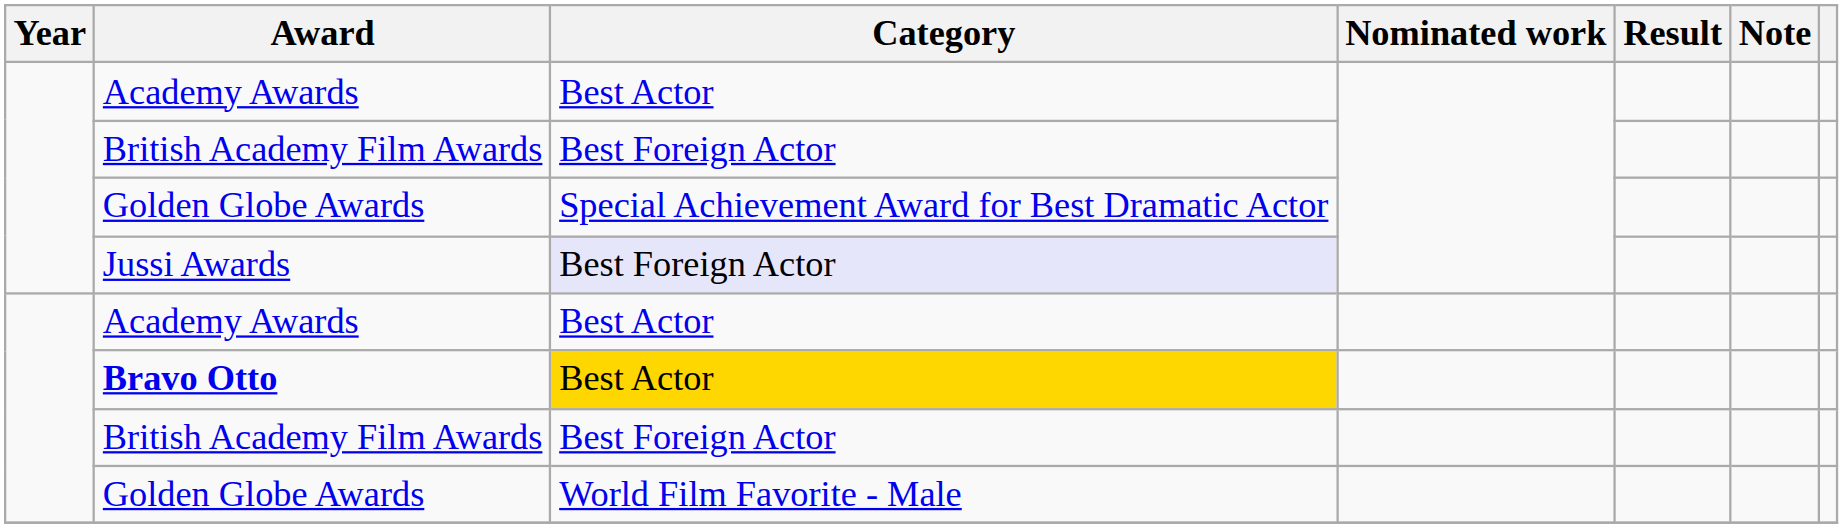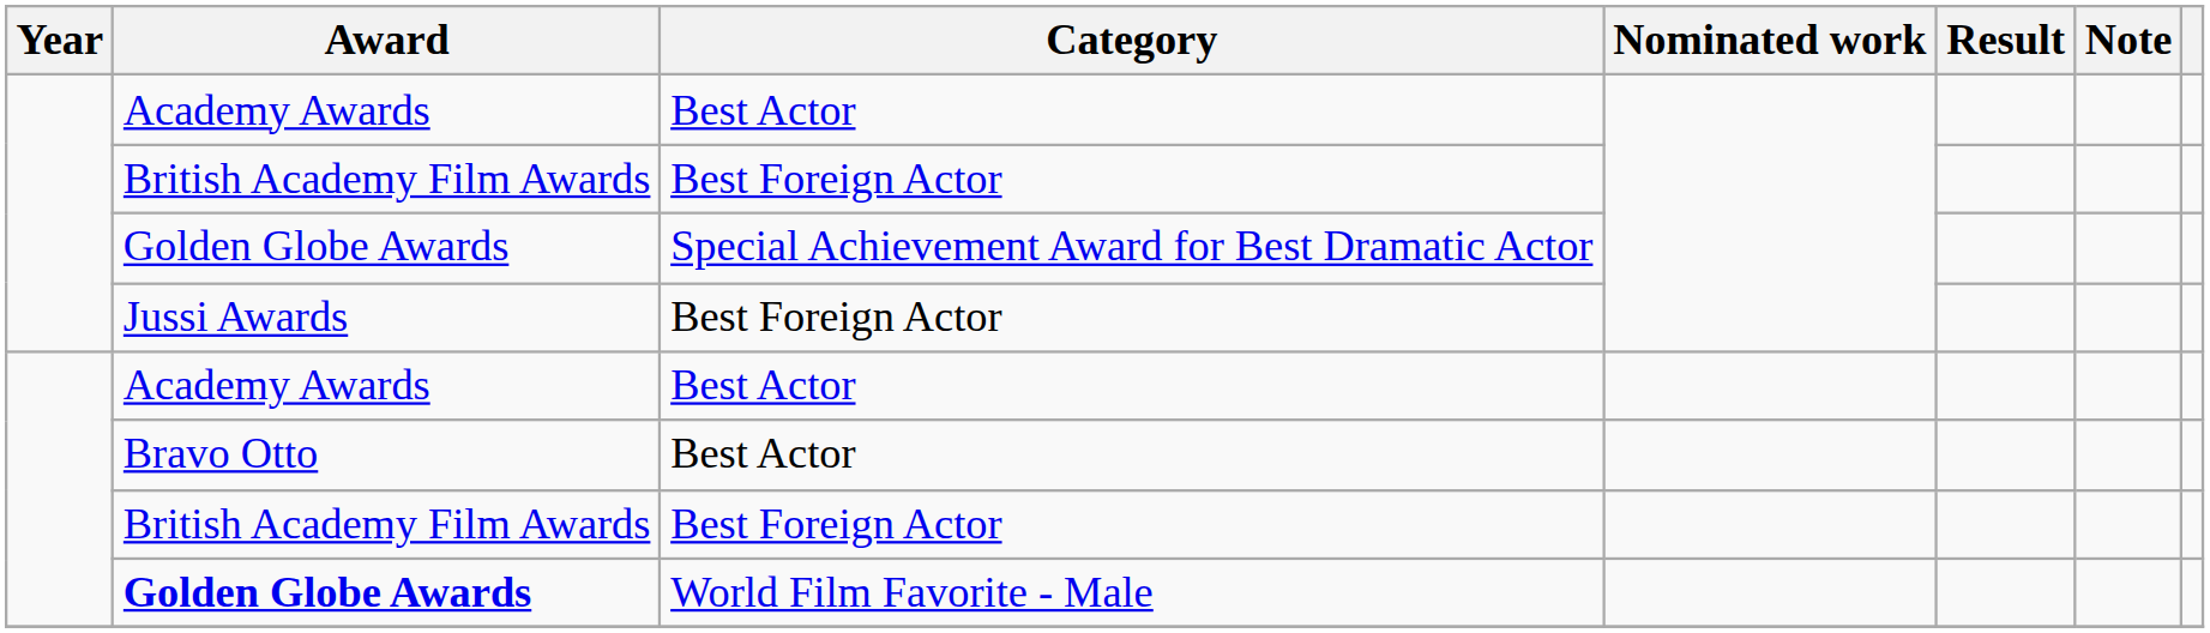 <table class="wikitable sortable plainrowheaders">
 <tr>
 <th scope="col">Year</th>
 <th scope="col">Award</th>
 <th scope="col">Category</th>
 <th scope="col">Nominated work</th>
 <th scope="col">Result</th>
 <th scope="col">Note</th>
 <th scope="col" class="unsortable"></th>
 </tr>
 <tr>
 <td rowspan="4"></td>
 <td><a href='#'>Academy Awards</a></td>
 <td><a href='#'>Best Actor</a></td>
 <td rowspan="4"></td>
 <td></td>
 <td></td>
 <td align="center"></td>
 </tr>
 <tr>
 <td><a href='#'>British Academy Film Awards</a></td>
 <td><a href='#'>Best Foreign Actor</a></td>
 <td></td>
 <td></td>
 <td align="center"></td>
 </tr>
 <tr>
 <td><a href='#'>Golden Globe Awards</a></td>
 <td><a href='#'>Special Achievement Award for Best Dramatic Actor</a></td>
 <td></td>
 <td></td>
 <td align="center"></td>
 </tr>
 <tr>
 <td><a href='#'>Jussi Awards</a></td>
-<td style="background: lavender;">Best Foreign Actor</td>
+<td>Best Foreign Actor</td>
 <td></td>
 <td></td>
 <td align="center"></td>
 </tr>
 <tr>
 <td rowspan="4"></td>
 <td><a href='#'>Academy Awards</a></td>
 <td><a href='#'>Best Actor</a></td>
 <td></td>
 <td></td>
 <td></td>
 <td align="center"></td>
 </tr>
 <tr>
-<td><strong><a href='#'>Bravo Otto</a></strong></td>
-<td style="background: gold;">Best Actor</td>
+<td><a href='#'>Bravo Otto</a></td>
+<td>Best Actor</td>
 <td></td>
 <td></td>
 <td></td>
 <td align="center"></td>
 </tr>
 <tr>
 <td><a href='#'>British Academy Film Awards</a></td>
 <td><a href='#'>Best Foreign Actor</a></td>
 <td></td>
 <td></td>
 <td></td>
 <td align="center"></td>
 </tr>
 <tr>
-<td><a href='#'>Golden Globe Awards</a></td>
+<td><strong><a href='#'>Golden Globe Awards</a></strong></td>
 <td><a href='#'>World Film Favorite - Male</a></td>
 <td></td>
 <td></td>
 <td></td>
 <td align="center"></td>
 </tr>
 <tr>
 </tr>
 </table>
